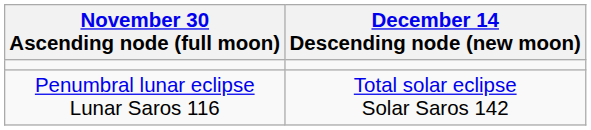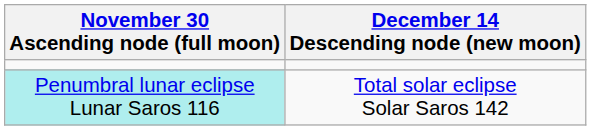 <table class="wikitable">
 <tr>
 <th><a href='#'>November 30</a><br>Ascending node (full moon)<br></th>
 <th><a href='#'>December 14</a><br>Descending node (new moon)<br></th>
 </tr>
 <tr>
 <td></td>
 <td></td>
 </tr>
 <tr align=center>
-<td><a href='#'>Penumbral lunar eclipse</a><br>Lunar Saros 116</td>
+<td style="background: paleturquoise;"><a href='#'>Penumbral lunar eclipse</a><br>Lunar Saros 116</td>
 <td><a href='#'>Total solar eclipse</a><br>Solar Saros 142</td>
 </tr>
 </table>
